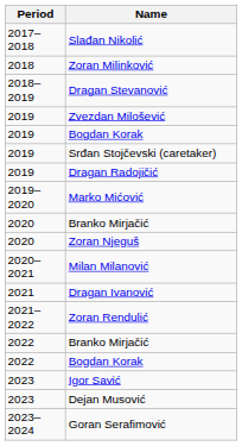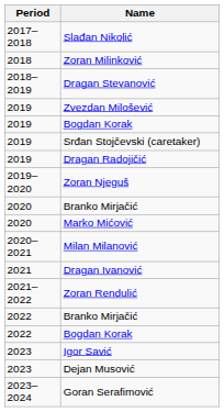 <table class="wikitable">
 <tr>
 <th width="75">Period</th>
 <th width="225">Name</th>
 </tr>
 <tr>
 <td>2017–2018</td>
 <td> <a href='#'>Slađan Nikolić</a></td>
 </tr>
 <tr>
 <td>2018</td>
 <td> <a href='#'>Zoran Milinković</a></td>
 </tr>
 <tr>
 <td>2018–2019</td>
 <td> <a href='#'>Dragan Stevanović</a></td>
 </tr>
 <tr>
 <td>2019</td>
 <td> <a href='#'>Zvezdan Milošević</a></td>
 </tr>
 <tr>
 <td>2019</td>
 <td> <a href='#'>Bogdan Korak</a></td>
 </tr>
 <tr>
 <td>2019</td>
 <td> Srđan Stojčevski (caretaker)</td>
 </tr>
 <tr>
 <td>2019</td>
 <td> <a href='#'>Dragan Radojičić</a></td>
 </tr>
 <tr>
 <td>2019–2020</td>
-<td> <a href='#'>Marko Mićović</a></td>
+<td> <a href='#'>Zoran Njeguš</a></td>
 </tr>
 <tr>
 <td>2020</td>
 <td> Branko Mirjačić</td>
 </tr>
 <tr>
 <td>2020</td>
-<td> <a href='#'>Zoran Njeguš</a></td>
+<td> <a href='#'>Marko Mićović</a></td>
 </tr>
 <tr>
 <td>2020–2021</td>
 <td> <a href='#'>Milan Milanović</a></td>
 </tr>
 <tr>
 <td>2021</td>
 <td> <a href='#'>Dragan Ivanović</a></td>
 </tr>
 <tr>
 <td>2021–2022</td>
 <td> <a href='#'>Zoran Rendulić</a></td>
 </tr>
 <tr>
 <td>2022</td>
 <td> Branko Mirjačić</td>
 </tr>
 <tr>
 <td>2022</td>
 <td> <a href='#'>Bogdan Korak</a></td>
 </tr>
 <tr>
 <td>2023</td>
 <td> <a href='#'>Igor Savić</a></td>
 </tr>
 <tr>
 <td>2023</td>
 <td> Dejan Musović</td>
 </tr>
 <tr>
 <td>2023–2024</td>
 <td> Goran Serafimović</td>
 </tr>
 </table>
